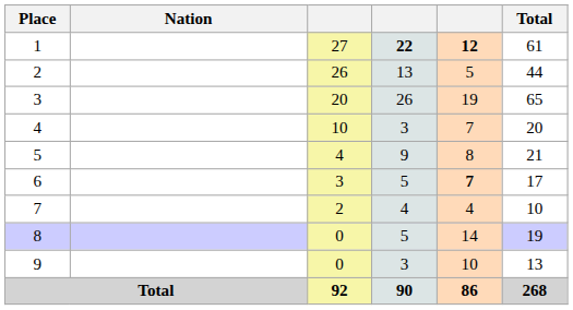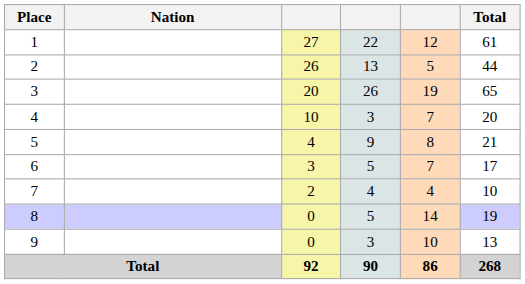 <table class=wikitable style="border:1px solid #AAAAAA;font-size:90%">
 <tr bgcolor="#EFEFEF">
 <th width=50>Place</th>
 <th width=200>Nation</th>
 <th width=50></th>
 <th width=50></th>
 <th width=50></th>
 <th width=50>Total</th>
 </tr>
 <tr align="center" valign="top" bgcolor="#FFFFFF">
 <td>1</td>
 <td align="left"></td>
 <td style="background:#F7F6A8;">27</td>
-<td style="background:#DCE5E5;"><strong>22</strong></td>
-<td style="background:#FFDAB9;"><strong>12</strong></td>
+<td style="background:#DCE5E5;">22</td>
+<td style="background:#FFDAB9;">12</td>
 <td>61</td>
 </tr>
 <tr align="center" valign="top" bgcolor="#FFFFFF">
 <td>2</td>
 <td align="left"></td>
 <td style="background:#F7F6A8;">26</td>
 <td style="background:#DCE5E5;">13</td>
 <td style="background:#FFDAB9;">5</td>
 <td>44</td>
 </tr>
 <tr align="center" valign="top" bgcolor="#FFFFFF">
 <td>3</td>
 <td align="left"></td>
 <td style="background:#F7F6A8;">20</td>
 <td style="background:#DCE5E5;">26</td>
 <td style="background:#FFDAB9;">19</td>
 <td>65</td>
 </tr>
 <tr align="center" valign="top" bgcolor="#FFFFFF">
 <td>4</td>
 <td align="left"></td>
 <td style="background:#F7F6A8;">10</td>
 <td style="background:#DCE5E5;">3</td>
 <td style="background:#FFDAB9;">7</td>
 <td>20</td>
 </tr>
 <tr align="center" valign="top" bgcolor="#FFFFFF">
 <td>5</td>
 <td align="left"></td>
 <td style="background:#F7F6A8;">4</td>
 <td style="background:#DCE5E5;">9</td>
 <td style="background:#FFDAB9;">8</td>
 <td>21</td>
 </tr>
 <tr align="center" valign="top" bgcolor="#FFFFFF">
 <td>6</td>
 <td align="left"></td>
 <td style="background:#F7F6A8;">3</td>
 <td style="background:#DCE5E5;">5</td>
-<td style="background:#FFDAB9;"><strong>7</strong></td>
+<td style="background:#FFDAB9;">7</td>
 <td>17</td>
 </tr>
 <tr align="center" valign="top" bgcolor="#FFFFFF">
 <td>7</td>
 <td align="left"></td>
 <td style="background:#F7F6A8;">2</td>
 <td style="background:#DCE5E5;">4</td>
 <td style="background:#FFDAB9;">4</td>
 <td>10</td>
 </tr>
 <tr style="background:#ccccff" align="center" valign="top" bgcolor="#FFFFFF">
 <td>8</td>
 <td align="left"></td>
 <td style="background:#F7F6A8;">0</td>
 <td style="background:#DCE5E5;">5</td>
 <td style="background:#FFDAB9;">14</td>
 <td>19</td>
 </tr>
 <tr align="center" valign="top" bgcolor="#FFFFFF">
 <td>9</td>
 <td align="left"></td>
 <td style="background:#F7F6A8;">0</td>
 <td style="background:#DCE5E5;">3</td>
 <td style="background:#FFDAB9;">10</td>
 <td>13</td>
 </tr>
 <tr align="center">
 <td colspan="2" bgcolor=D3D3D3><strong>Total</strong></td>
 <td style="background:#F7F6A8;"><strong>92</strong></td>
 <td style="background:#DCE5E5;"><strong>90</strong></td>
 <td style="background:#FFDAB9;"><strong>86</strong></td>
 <td bgcolor=D3D3D3><strong>268</strong></td>
 </tr>
 </table>
